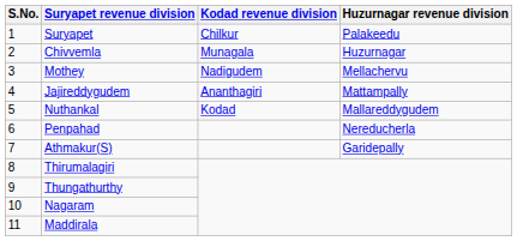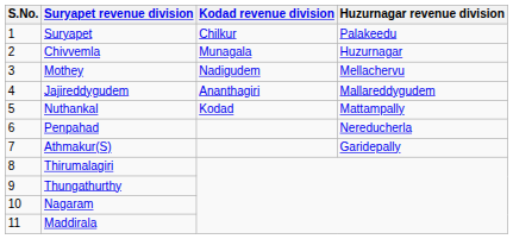 <table class="wikitable">
 <tr>
 <th>S.No.</th>
 <th><a href='#'>Suryapet revenue division</a></th>
 <th><a href='#'>Kodad revenue division</a></th>
 <th>Huzurnagar revenue division</th>
 </tr>
 <tr>
 <td>1</td>
 <td><a href='#'>Suryapet</a></td>
 <td><a href='#'>Chilkur</a></td>
 <td><a href='#'>Palakeedu</a></td>
 </tr>
 <tr>
 <td>2</td>
 <td><a href='#'>Chivvemla</a></td>
 <td><a href='#'>Munagala</a></td>
 <td><a href='#'>Huzurnagar</a></td>
 </tr>
 <tr>
 <td>3</td>
 <td><a href='#'>Mothey</a></td>
 <td><a href='#'>Nadigudem</a></td>
 <td><a href='#'>Mellachervu</a></td>
 </tr>
 <tr>
 <td>4</td>
 <td><a href='#'>Jajireddygudem</a></td>
 <td><a href='#'>Ananthagiri</a></td>
-<td><a href='#'>Mattampally</a></td>
+<td><a href='#'>Mallareddygudem</a></td>
 </tr>
 <tr>
 <td>5</td>
 <td><a href='#'>Nuthankal</a></td>
 <td><a href='#'>Kodad</a></td>
-<td><a href='#'>Mallareddygudem</a></td>
+<td><a href='#'>Mattampally</a></td>
 </tr>
 <tr>
 <td>6</td>
 <td><a href='#'>Penpahad</a></td>
 <td></td>
 <td><a href='#'>Nereducherla</a></td>
 </tr>
 <tr>
 <td>7</td>
 <td><a href='#'>Athmakur(S)</a></td>
 <td></td>
 <td><a href='#'>Garidepally</a></td>
 </tr>
 <tr>
 <td>8</td>
 <td><a href='#'>Thirumalagiri</a></td>
 </tr>
 <tr>
 <td>9</td>
 <td><a href='#'>Thungathurthy</a></td>
 </tr>
 <tr>
 <td>10</td>
 <td><a href='#'>Nagaram</a></td>
 </tr>
 <tr>
 <td>11</td>
 <td><a href='#'>Maddirala</a></td>
 </tr>
 </table>
